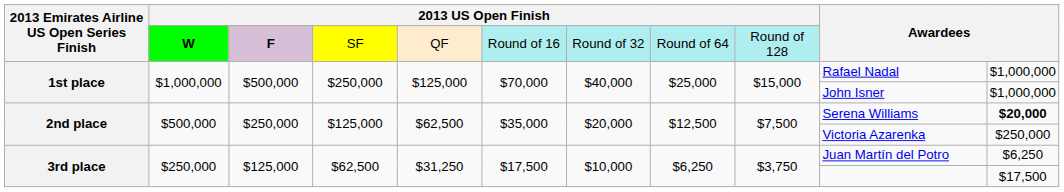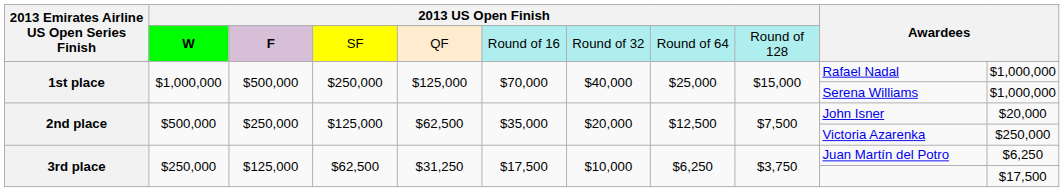 <table class="wikitable" style="font-size:90%;text-align:center">
 <tr>
 <th rowspan="2">2013 Emirates Airline US Open Series Finish</th>
 <th colspan="8">2013 US Open Finish</th>
 <th rowspan="2" colspan="2">Awardees</th>
 </tr>
 <tr>
 <td style="width:80px; background:lime;"><strong>W</strong></td>
 <td style="width:85px; background:thistle;"><strong>F</strong></td>
 <td style="width:85px; background:#ff0;">SF</td>
 <td style="width:85px; background:#ffebcd;">QF</td>
 <td style="width:85px; background:#afeeee;">Round of 16</td>
 <td style="width:85px; background:#afeeee;">Round of 32</td>
 <td style="width:85px; background:#afeeee;">Round of 64</td>
 <td style="width:85px; background:#afeeee;">Round of 128</td>
 </tr>
 <tr>
 <th style="width:150px;" rowspan="2">1st place</th>
 <td rowspan="2">$1,000,000</td>
 <td rowspan="2">$500,000</td>
 <td rowspan="2">$250,000</td>
 <td rowspan="2">$125,000</td>
 <td rowspan="2">$70,000</td>
 <td rowspan="2">$40,000</td>
 <td rowspan="2">$25,000</td>
 <td rowspan="2">$15,000</td>
 <td style="width:175px; text-align:left;"> <a href='#'>Rafael Nadal</a></td>
 <td>$1,000,000</td>
 </tr>
 <tr>
-<td style="text-align:left;"> <a href='#'>John Isner</a></td>
+<td style="text-align:left;"> <a href='#'>Serena Williams</a></td>
 <td>$1,000,000</td>
 </tr>
 <tr>
 <th style="width:150px;" rowspan="2">2nd place</th>
 <td rowspan="2">$500,000</td>
 <td rowspan="2">$250,000</td>
 <td rowspan="2">$125,000</td>
 <td rowspan="2">$62,500</td>
 <td rowspan="2">$35,000</td>
 <td rowspan="2">$20,000</td>
 <td rowspan="2">$12,500</td>
 <td rowspan="2">$7,500</td>
-<td style="text-align:left;"> <a href='#'>Serena Williams</a></td>
-<td><strong>$20,000</strong></td>
+<td style="text-align:left;"> <a href='#'>John Isner</a></td>
+<td>$20,000</td>
 </tr>
 <tr>
 <td style="text-align:left;"> <a href='#'>Victoria Azarenka</a></td>
 <td>$250,000</td>
 </tr>
 <tr>
 <th style="width:150px;" rowspan="2">3rd place</th>
 <td rowspan="2">$250,000</td>
 <td rowspan="2">$125,000</td>
 <td rowspan="2">$62,500</td>
 <td rowspan="2">$31,250</td>
 <td rowspan="2">$17,500</td>
 <td rowspan="2">$10,000</td>
 <td rowspan="2">$6,250</td>
 <td rowspan="2">$3,750</td>
 <td style="text-align:left;"> <a href='#'>Juan Martín del Potro</a></td>
 <td>$6,250</td>
 </tr>
 <tr>
 <td style="text-align:left;"></td>
 <td>$17,500</td>
 </tr>
 </table>
